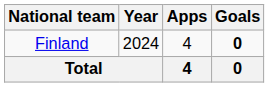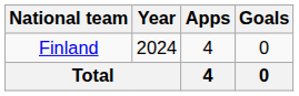 <table class="wikitable" style="text-align:center">
 <tr>
 <th>National team</th>
 <th>Year</th>
 <th>Apps</th>
 <th>Goals</th>
 </tr>
 <tr>
 <td rowspan="1"><a href='#'>Finland</a></td>
 <td>2024</td>
 <td>4</td>
-<td><strong>0</strong></td>
+<td>0</td>
 </tr>
 <tr>
 <th colspan="2">Total</th>
 <th>4</th>
 <th>0</th>
 </tr>
 </table>
